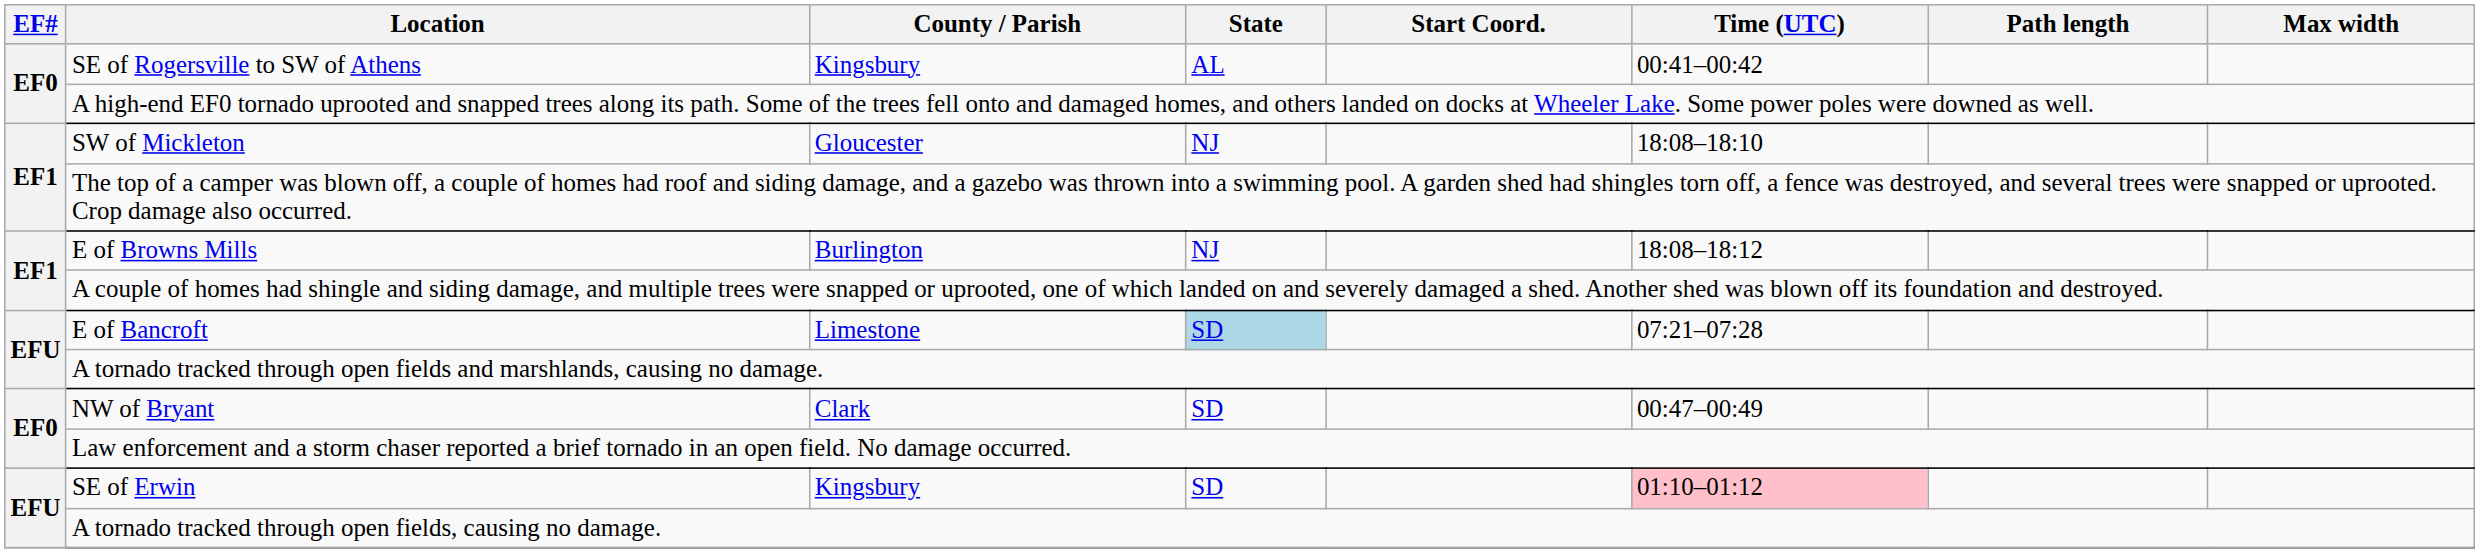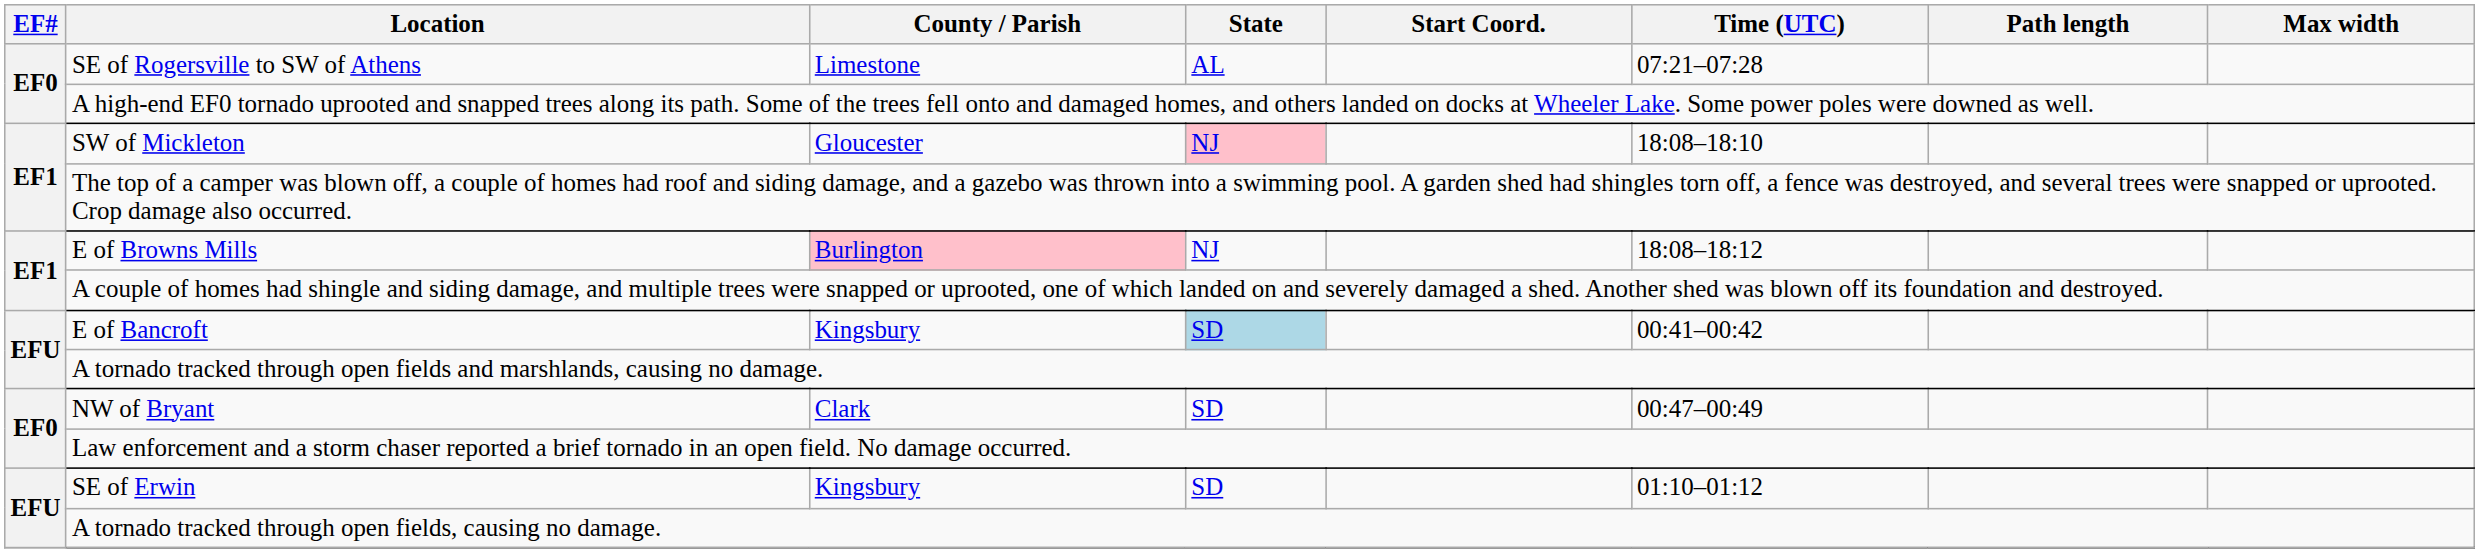 <table class="wikitable sortable" style="width:100%;">
 <tr>
 <th scope="col" width="2%" align="center"><a href='#'>EF#</a></th>
 <th scope="col" align="center" class="unsortable">Location</th>
 <th scope="col" align="center" class="unsortable">County / Parish</th>
 <th scope="col" align="center">State</th>
 <th scope="col" align="center">Start Coord.</th>
 <th scope="col" align="center">Time (<a href='#'>UTC</a>)</th>
 <th scope="col" align="center">Path length</th>
 <th scope="col" align="center">Max width</th>
 </tr>
 <tr>
 <th scope="row" rowspan="2" style="background-color:#">EF0</th>
 <td>SE of <a href='#'>Rogersville</a> to SW of <a href='#'>Athens</a></td>
-<td><a href='#'>Kingsbury</a></td>
+<td><a href='#'>Limestone</a></td>
 <td><a href='#'>AL</a></td>
 <td></td>
-<td>00:41–00:42</td>
+<td>07:21–07:28</td>
 <td></td>
 <td></td>
 </tr>
 <tr class="expand-child">
 <td colspan="8" style=" border-bottom: 1px solid black;">A high-end EF0 tornado uprooted and snapped trees along its path. Some of the trees fell onto and damaged homes, and others landed on docks at <a href='#'>Wheeler Lake</a>. Some power poles were downed as well.</td>
 </tr>
 <tr>
 <th scope="row" rowspan="2" style="background-color:#">EF1</th>
 <td>SW of <a href='#'>Mickleton</a></td>
 <td><a href='#'>Gloucester</a></td>
-<td><a href='#'>NJ</a></td>
+<td style="background: pink;"><a href='#'>NJ</a></td>
 <td></td>
 <td>18:08–18:10</td>
 <td></td>
 <td></td>
 </tr>
 <tr class="expand-child">
 <td colspan="8" style=" border-bottom: 1px solid black;">The top of a camper was blown off, a couple of homes had roof and siding damage, and a gazebo was thrown into a swimming pool. A garden shed had shingles torn off, a fence was destroyed, and several trees were snapped or uprooted. Crop damage also occurred.</td>
 </tr>
 <tr>
 <th scope="row" rowspan="2" style="background-color:#">EF1</th>
 <td>E of <a href='#'>Browns Mills</a></td>
-<td><a href='#'>Burlington</a></td>
+<td style="background: pink;"><a href='#'>Burlington</a></td>
 <td><a href='#'>NJ</a></td>
 <td></td>
 <td>18:08–18:12</td>
 <td></td>
 <td></td>
 </tr>
 <tr class="expand-child">
 <td colspan="8" style=" border-bottom: 1px solid black;">A couple of homes had shingle and siding damage, and multiple trees were snapped or uprooted, one of which landed on and severely damaged a shed. Another shed was blown off its foundation and destroyed.</td>
 </tr>
 <tr>
 <th scope="row" rowspan="2" style="background-color:#">EFU</th>
 <td>E of <a href='#'>Bancroft</a></td>
-<td><a href='#'>Limestone</a></td>
+<td><a href='#'>Kingsbury</a></td>
 <td style="background: lightblue;"><a href='#'>SD</a></td>
 <td></td>
-<td>07:21–07:28</td>
+<td>00:41–00:42</td>
 <td></td>
 <td></td>
 </tr>
 <tr class="expand-child">
 <td colspan="8" style=" border-bottom: 1px solid black;">A tornado tracked through open fields and marshlands, causing no damage.</td>
 </tr>
 <tr>
 <th scope="row" rowspan="2" style="background-color:#">EF0</th>
 <td>NW of <a href='#'>Bryant</a></td>
 <td><a href='#'>Clark</a></td>
 <td><a href='#'>SD</a></td>
 <td></td>
 <td>00:47–00:49</td>
 <td></td>
 <td></td>
 </tr>
 <tr class="expand-child">
 <td colspan="8" style=" border-bottom: 1px solid black;">Law enforcement and a storm chaser reported a brief tornado in an open field. No damage occurred.</td>
 </tr>
 <tr>
 <th scope="row" rowspan="2" style="background-color:#">EFU</th>
 <td>SE of <a href='#'>Erwin</a></td>
 <td><a href='#'>Kingsbury</a></td>
 <td><a href='#'>SD</a></td>
 <td></td>
-<td style="background: pink;">01:10–01:12</td>
+<td>01:10–01:12</td>
 <td></td>
 <td></td>
 </tr>
 <tr class="expand-child">
 <td colspan="8" style=" border-bottom: 1px solid black;">A tornado tracked through open fields, causing no damage.</td>
 </tr>
 <tr>
 </tr>
 </table>
